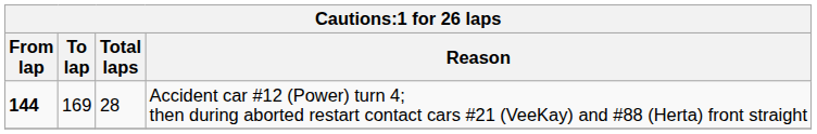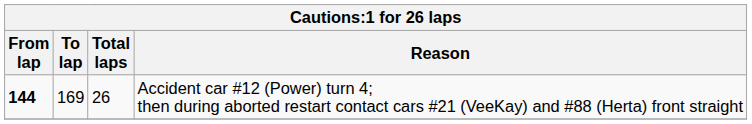 <table class="wikitable" style="font-size: 95%">
 <tr>
 <th colspan=4>Cautions:1 for 26 laps</th>
 </tr>
 <tr>
 <th>From<br>lap</th>
 <th>To<br>lap</th>
 <th>Total<br>laps</th>
 <th>Reason</th>
 </tr>
 <tr>
 <td><strong>144</strong></td>
 <td>169</td>
-<td>28</td>
+<td>26</td>
 <td>Accident car #12 (Power) turn 4;<br>then during aborted restart contact cars #21 (VeeKay) and #88 (Herta) front straight</td>
 </tr>
 <tr>
 </tr>
 </table>
